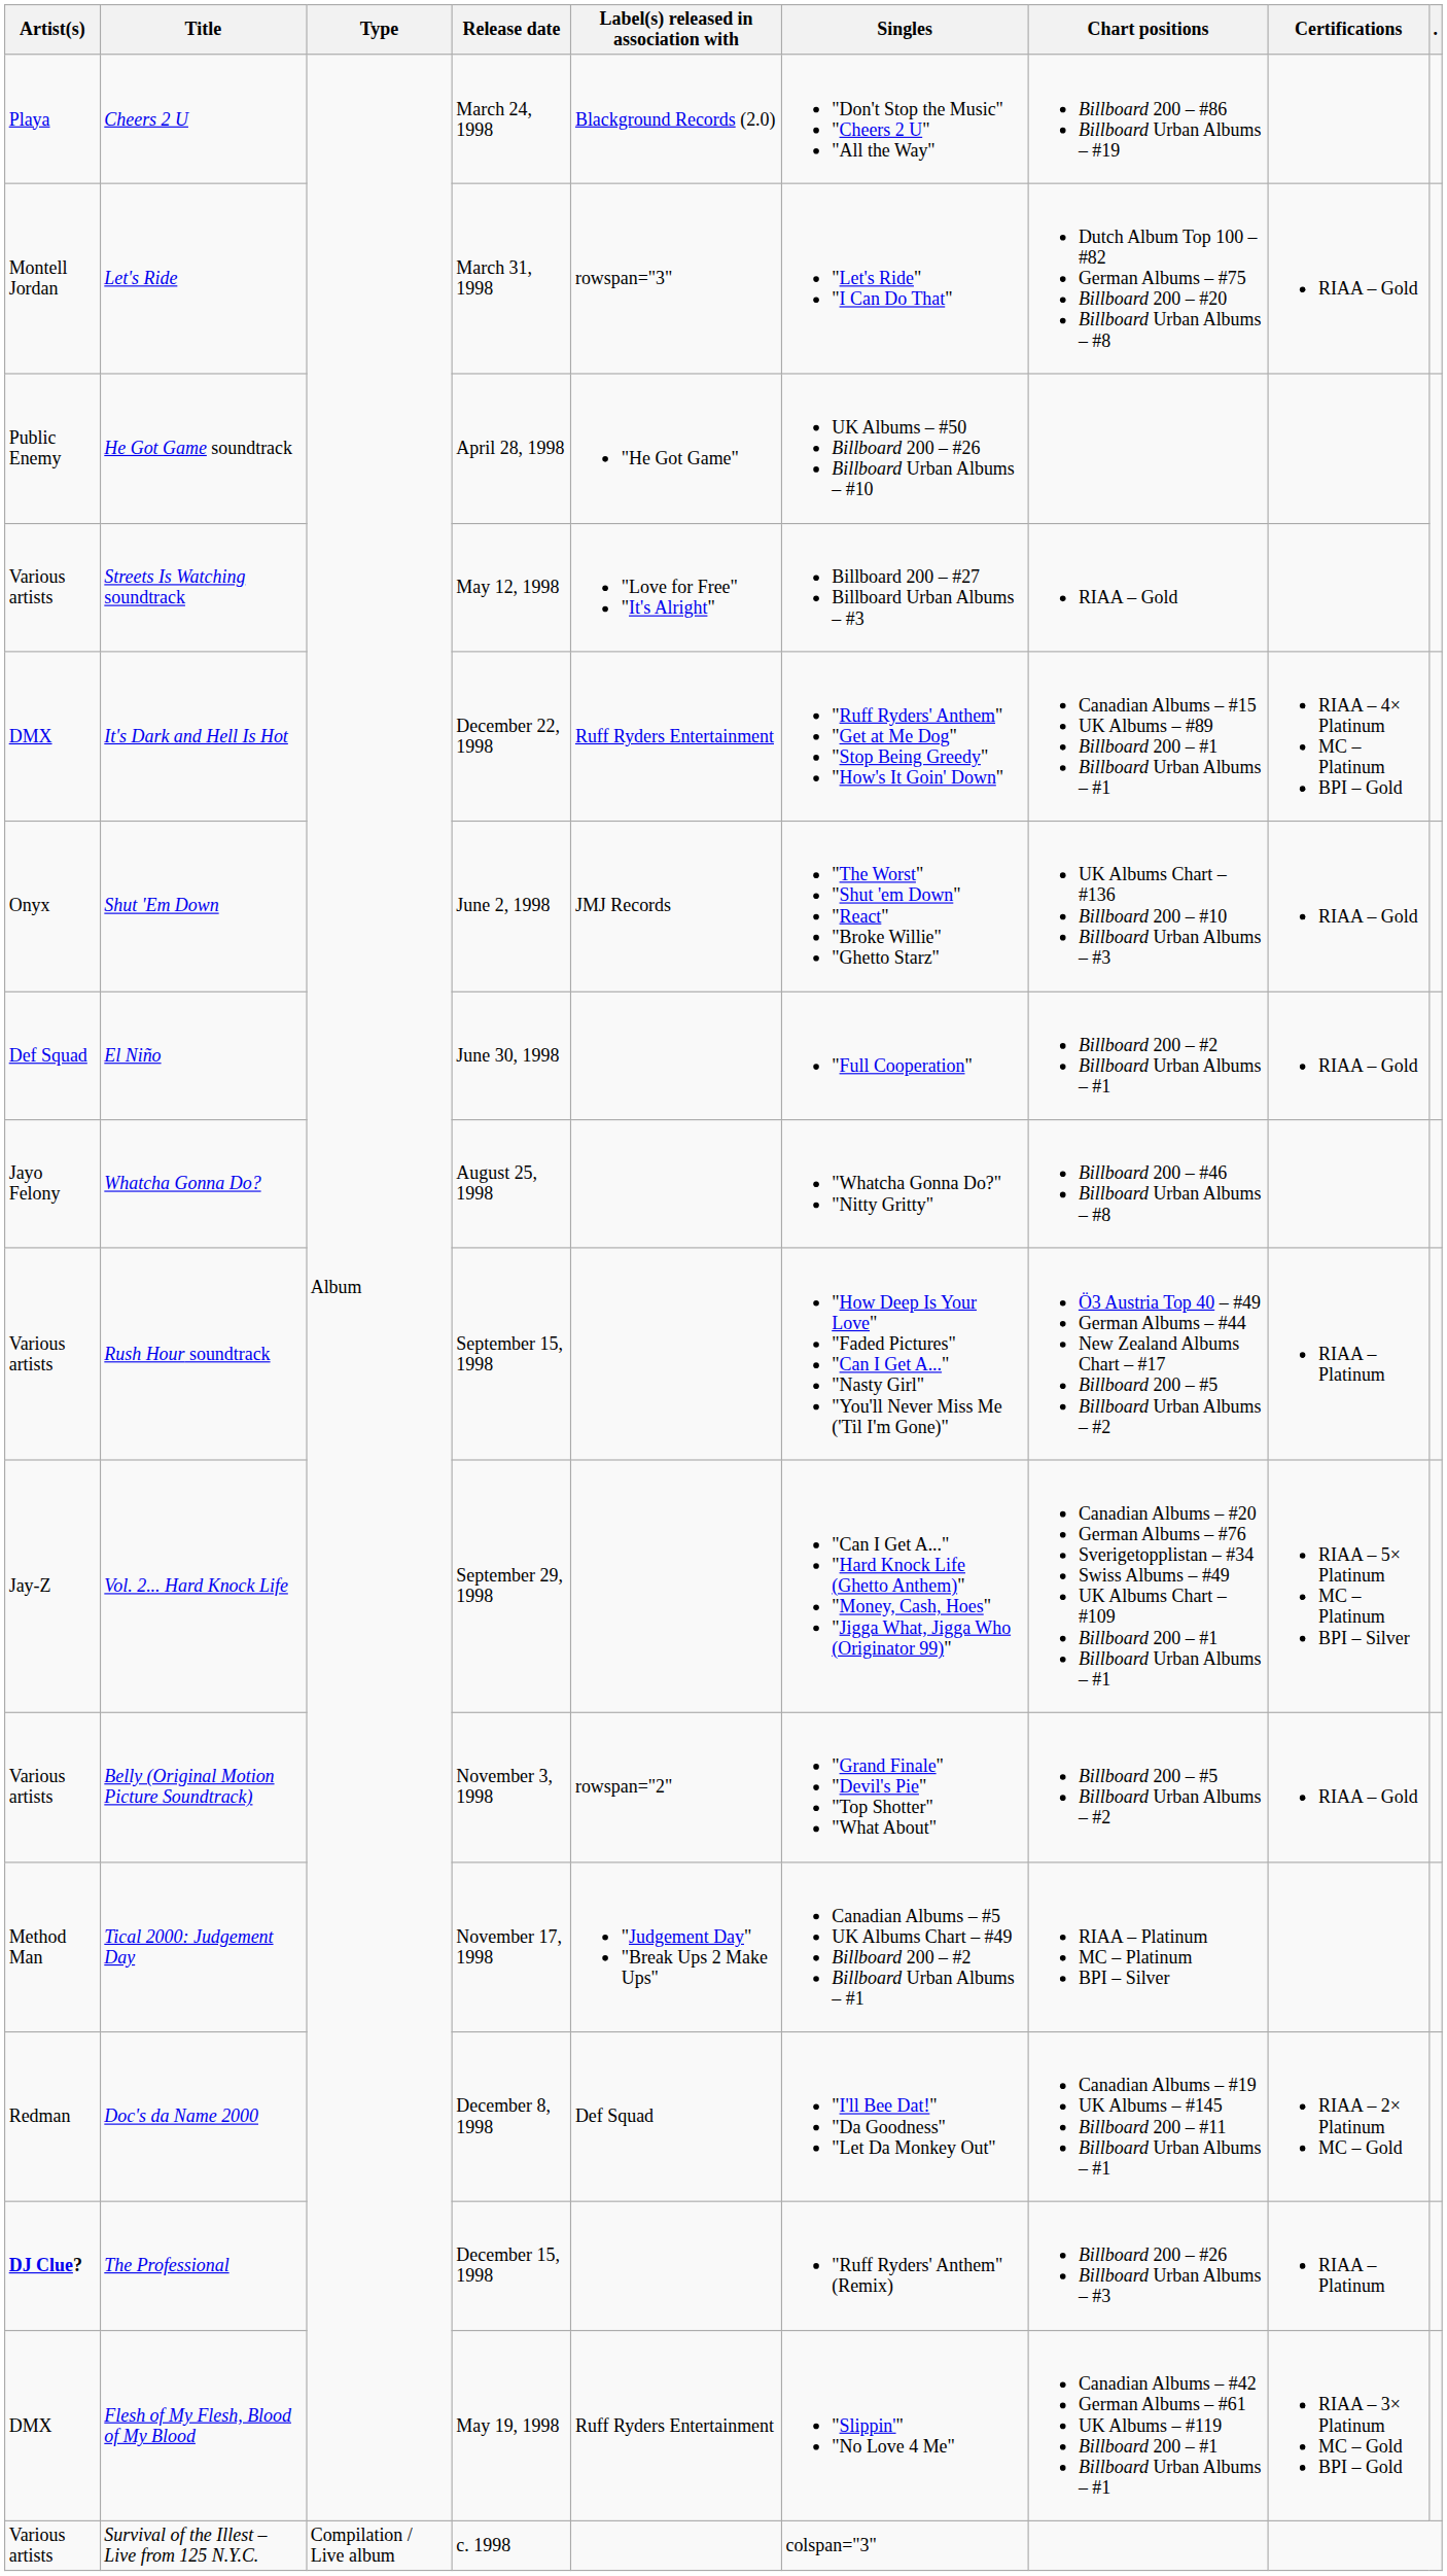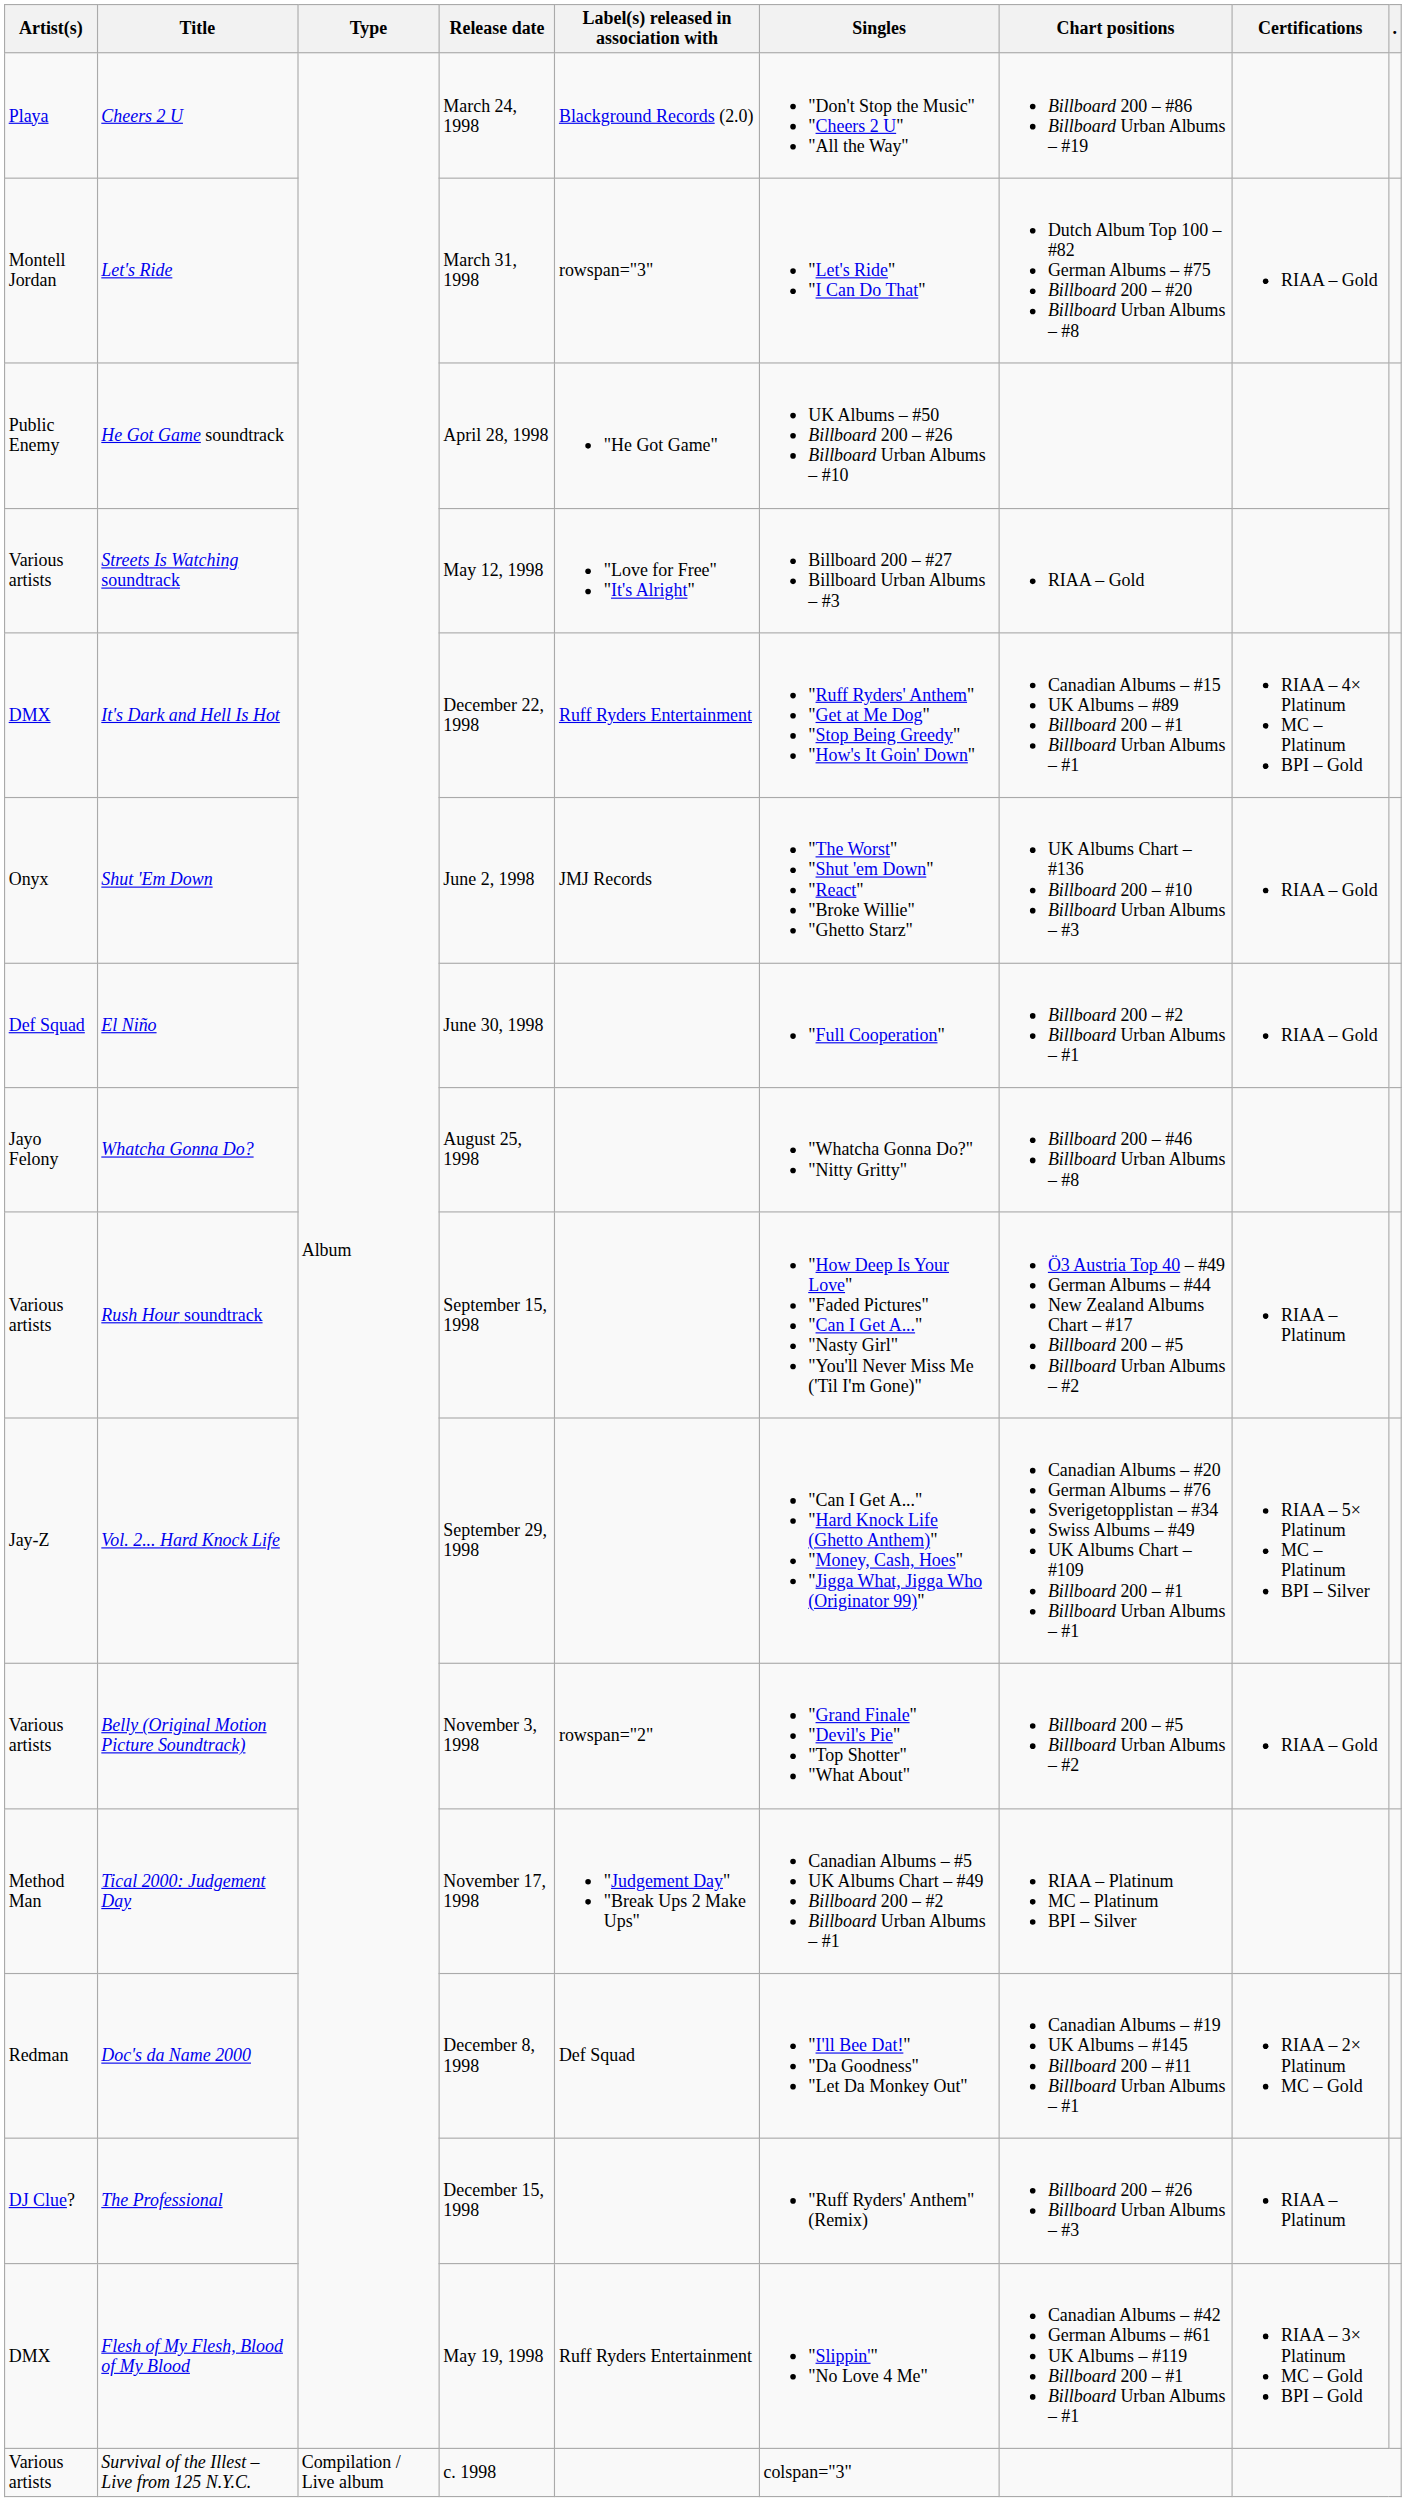 <table class="wikitable">
 <tr>
 <th>Artist(s)</th>
 <th>Title</th>
 <th>Type</th>
 <th>Release date</th>
 <th>Label(s) released in association with</th>
 <th>Singles</th>
 <th>Chart positions</th>
 <th>Certifications</th>
 <th>.</th>
 </tr>
 <tr>
 <td><a href='#'>Playa</a></td>
 <td><em><a href='#'>Cheers 2 U</a></em></td>
 <td rowspan="15">Album</td>
 <td>March 24, 1998</td>
 <td><a href='#'>Blackground Records</a> (2.0)</td>
 <td><br><ul><li>"Don't Stop the Music"</li><li>"<a href='#'>Cheers 2 U</a>"</li><li>"All the Way"</li></ul></td>
 <td><br><ul><li><em>Billboard</em> 200 – #86</li><li><em>Billboard</em> Urban Albums – #19</li></ul></td>
 <td></td>
 <td></td>
 </tr>
 <tr>
 <td>Montell Jordan</td>
 <td><a href='#'><em>Let's Ride</em></a></td>
 <td>March 31, 1998</td>
 <td>rowspan="3" </td>
 <td><br><ul><li>"<a href='#'>Let's Ride</a>"</li><li>"<a href='#'>I Can Do That</a>"</li></ul></td>
 <td><br><ul><li>Dutch Album Top 100 – #82</li><li>German Albums – #75</li><li><em>Billboard</em> 200 – #20</li><li><em>Billboard</em> Urban Albums – #8</li></ul></td>
 <td><br><ul><li>RIAA – Gold</li></ul></td>
 <td></td>
 </tr>
 <tr>
 <td>Public Enemy</td>
 <td><a href='#'><em>He Got Game</em></a> soundtrack</td>
 <td>April 28, 1998</td>
 <td><br><ul><li>"He Got Game"</li></ul></td>
 <td><br><ul><li>UK Albums – #50</li><li><em>Billboard</em> 200 – #26</li><li><em>Billboard</em> Urban Albums – #10</li></ul></td>
 <td></td>
 <td></td>
 </tr>
 <tr>
 <td>Various artists</td>
 <td><a href='#'><em>Streets Is Watching</em> soundtrack</a></td>
 <td>May 12, 1998</td>
 <td><br><ul><li>"Love for Free"</li><li>"<a href='#'>It's Alright</a>"</li></ul></td>
 <td><br><ul><li>Billboard 200 – #27</li><li>Billboard Urban Albums – #3</li></ul></td>
 <td><br><ul><li>RIAA – Gold</li></ul></td>
 <td></td>
 </tr>
 <tr>
 <td><a href='#'>DMX</a></td>
 <td><em><a href='#'>It's Dark and Hell Is Hot</a></em></td>
 <td>December 22, 1998</td>
 <td><a href='#'>Ruff Ryders Entertainment</a></td>
 <td><br><ul><li>"<a href='#'>Ruff Ryders' Anthem</a>"</li><li>"<a href='#'>Get at Me Dog</a>"</li><li>"<a href='#'>Stop Being Greedy</a>"</li><li>"<a href='#'>How's It Goin' Down</a>"</li></ul></td>
 <td><br><ul><li>Canadian Albums – #15</li><li>UK Albums – #89</li><li><em>Billboard</em> 200 – #1</li><li><em>Billboard</em> Urban Albums – #1</li></ul></td>
 <td><br><ul><li>RIAA – 4× Platinum</li><li>MC – Platinum</li><li>BPI – Gold</li></ul></td>
 <td></td>
 </tr>
 <tr>
 <td>Onyx</td>
 <td><a href='#'><em>Shut 'Em Down</em></a></td>
 <td>June 2, 1998</td>
 <td>JMJ Records</td>
 <td><br><ul><li>"<a href='#'>The Worst</a>"</li><li>"<a href='#'>Shut 'em Down</a>"</li><li>"<a href='#'>React</a>"</li><li>"Broke Willie"</li><li>"Ghetto Starz"</li></ul></td>
 <td><br><ul><li>UK Albums Chart – #136</li><li><em>Billboard</em> 200 – #10</li><li><em>Billboard</em> Urban Albums – #3</li></ul></td>
 <td><br><ul><li>RIAA – Gold</li></ul></td>
 <td></td>
 </tr>
 <tr>
 <td><a href='#'>Def Squad</a></td>
 <td><a href='#'><em>El Niño</em></a></td>
 <td>June 30, 1998</td>
 <td><br></td>
 <td><br><ul><li>"<a href='#'>Full Cooperation</a>"</li></ul></td>
 <td><br><ul><li><em>Billboard</em> 200 – #2</li><li><em>Billboard</em> Urban Albums – #1</li></ul></td>
 <td><br><ul><li>RIAA – Gold</li></ul></td>
 <td></td>
 </tr>
 <tr>
 <td>Jayo Felony</td>
 <td><a href='#'><em>Whatcha Gonna Do?</em></a></td>
 <td>August 25, 1998</td>
 <td></td>
 <td><br><ul><li>"Whatcha Gonna Do?"</li><li>"Nitty Gritty"</li></ul></td>
 <td><br><ul><li><em>Billboard</em> 200 – #46</li><li><em>Billboard</em> Urban Albums – #8</li></ul></td>
 <td></td>
 <td></td>
 </tr>
 <tr>
 <td>Various artists</td>
 <td><a href='#'><em>Rush Hour</em> soundtrack</a></td>
 <td>September 15, 1998</td>
 <td></td>
 <td><br><ul><li>"<a href='#'>How Deep Is Your Love</a>"</li><li>"Faded Pictures"</li><li>"<a href='#'>Can I Get A...</a>"</li><li>"Nasty Girl"</li><li>"You'll Never Miss Me ('Til I'm Gone)"</li></ul></td>
 <td><br><ul><li><a href='#'>Ö3 Austria Top 40</a> – #49</li><li>German Albums – #44</li><li>New Zealand Albums Chart – #17</li><li><em>Billboard</em> 200 – #5</li><li><em>Billboard</em> Urban Albums – #2</li></ul></td>
 <td><br><ul><li>RIAA – Platinum</li></ul></td>
 <td></td>
 </tr>
 <tr>
 <td>Jay-Z</td>
 <td><em><a href='#'>Vol. 2... Hard Knock Life</a></em></td>
 <td>September 29, 1998</td>
 <td></td>
 <td><br><ul><li>"Can I Get A..."</li><li>"<a href='#'>Hard Knock Life (Ghetto Anthem)</a>"</li><li>"<a href='#'>Money, Cash, Hoes</a>"</li><li>"<a href='#'>Jigga What, Jigga Who (Originator 99)</a>"</li></ul></td>
 <td><br><ul><li>Canadian Albums – #20</li><li>German Albums – #76</li><li>Sverigetopplistan – #34</li><li>Swiss Albums – #49</li><li>UK Albums Chart – #109</li><li><em>Billboard</em> 200 – #1</li><li><em>Billboard</em> Urban Albums – #1</li></ul></td>
 <td><br><ul><li>RIAA – 5× Platinum</li><li>MC – Platinum</li><li>BPI – Silver</li></ul></td>
 <td></td>
 </tr>
 <tr>
 <td>Various artists</td>
 <td><a href='#'><em>Belly (Original Motion Picture Soundtrack)</em></a></td>
 <td>November 3, 1998</td>
 <td>rowspan="2" </td>
 <td><br><ul><li>"<a href='#'>Grand Finale</a>"</li><li>"<a href='#'>Devil's Pie</a>"</li><li>"Top Shotter"</li><li>"What About"</li></ul></td>
 <td><br><ul><li><em>Billboard</em> 200 – #5</li><li><em>Billboard</em> Urban Albums – #2</li></ul></td>
 <td><br><ul><li>RIAA – Gold</li></ul></td>
 <td></td>
 </tr>
 <tr>
 <td>Method Man</td>
 <td><em><a href='#'>Tical 2000: Judgement Day</a></em></td>
 <td>November 17, 1998</td>
 <td><br><ul><li>"<a href='#'>Judgement Day</a>"</li><li>"Break Ups 2 Make Ups"</li></ul></td>
 <td><br><ul><li>Canadian Albums – #5</li><li>UK Albums Chart – #49</li><li><em>Billboard</em> 200 – #2</li><li><em>Billboard</em> Urban Albums – #1</li></ul></td>
 <td><br><ul><li>RIAA – Platinum</li><li>MC – Platinum</li><li>BPI – Silver</li></ul></td>
 <td></td>
 </tr>
 <tr>
 <td>Redman</td>
 <td><em><a href='#'>Doc's da Name 2000</a></em></td>
 <td>December 8, 1998</td>
 <td>Def Squad</td>
 <td><br><ul><li>"<a href='#'>I'll Bee Dat!</a>"</li><li>"Da Goodness"</li><li>"Let Da Monkey Out"</li></ul></td>
 <td><br><ul><li>Canadian Albums – #19</li><li>UK Albums – #145</li><li><em>Billboard</em> 200 – #11</li><li><em>Billboard</em> Urban Albums – #1</li></ul></td>
 <td><br><ul><li>RIAA – 2× Platinum</li><li>MC – Gold</li></ul></td>
 <td></td>
 </tr>
 <tr>
-<td><strong><a href='#'>DJ Clue</a>?</strong></td>
+<td><a href='#'>DJ Clue</a>?</td>
 <td><a href='#'><em>The Professional</em></a></td>
 <td>December 15, 1998</td>
 <td></td>
 <td><br><ul><li>"Ruff Ryders' Anthem" (Remix)</li></ul></td>
 <td><br><ul><li><em>Billboard</em> 200 – #26</li><li><em>Billboard</em> Urban Albums – #3</li></ul></td>
 <td><br><ul><li>RIAA – Platinum</li></ul></td>
 <td></td>
 </tr>
 <tr>
 <td>DMX</td>
 <td><em><a href='#'>Flesh of My Flesh, Blood of My Blood</a></em></td>
 <td>May 19, 1998</td>
 <td>Ruff Ryders Entertainment</td>
 <td><br><ul><li>"<a href='#'>Slippin'</a>"</li><li>"No Love 4 Me"</li></ul></td>
 <td><br><ul><li>Canadian Albums – #42</li><li>German Albums – #61</li><li>UK Albums – #119</li><li><em>Billboard</em> 200 – #1</li><li><em>Billboard</em> Urban Albums – #1</li></ul></td>
 <td><br><ul><li>RIAA – 3× Platinum</li><li>MC – Gold</li><li>BPI – Gold</li></ul></td>
 <td></td>
 </tr>
 <tr>
 <td>Various artists</td>
 <td><em>Survival of the Illest – Live from 125 N.Y.C.</em></td>
 <td>Compilation / Live album</td>
 <td>c. 1998</td>
 <td></td>
 <td>colspan="3" </td>
 <td></td>
 </tr>
 </table>
